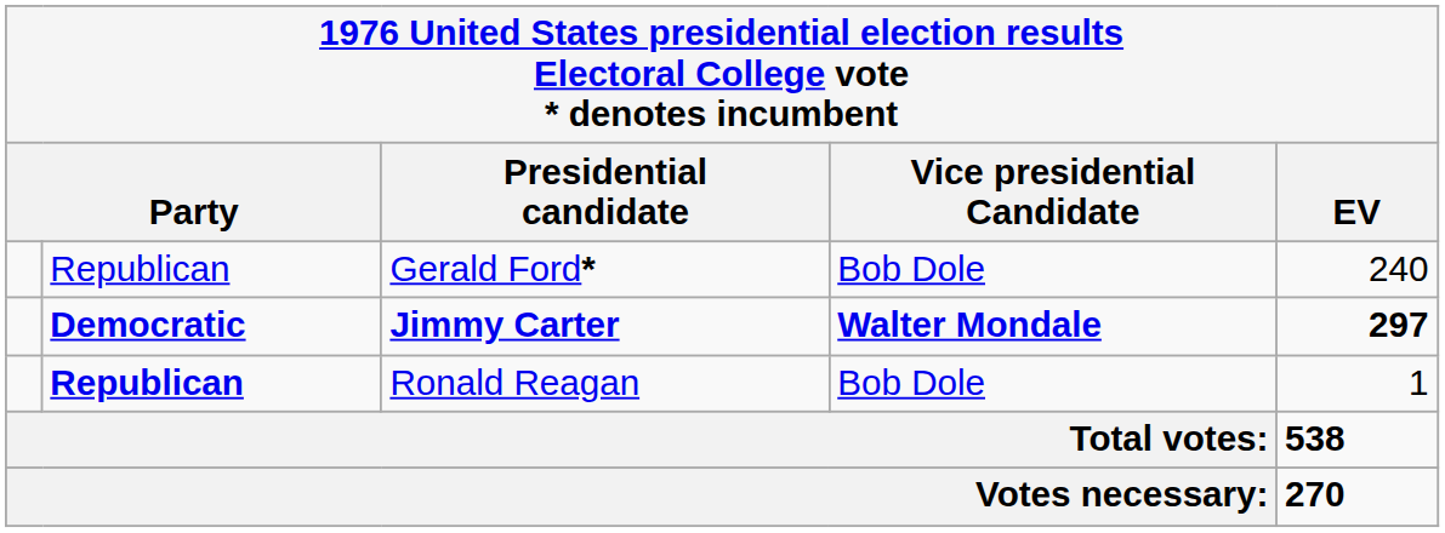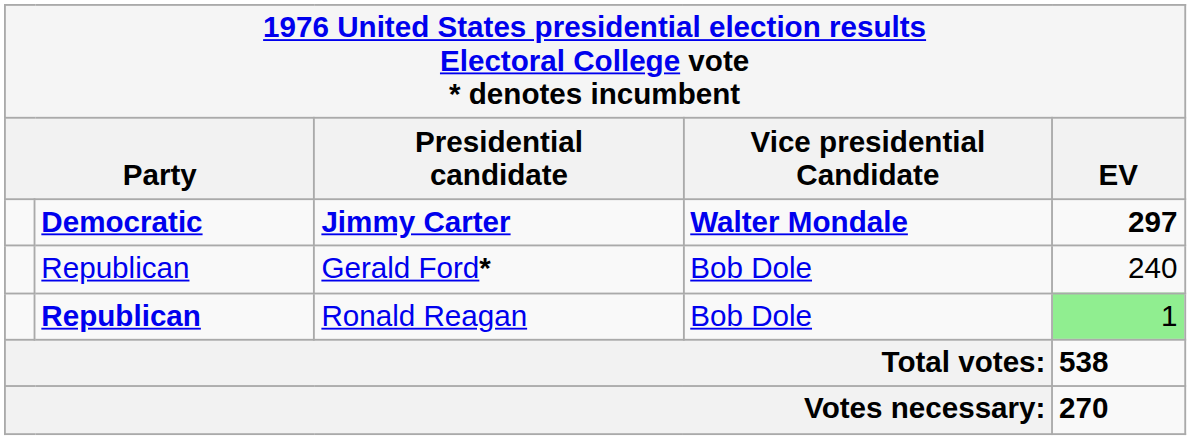 <table class="wikitable">
 <tr>
 <th colspan=5 style="background:#f5f5f5"><a href='#'>1976 United States presidential election results</a><br><a href='#'>Electoral College</a> vote<br>* denotes incumbent</th>
 </tr>
 <tr style="vertical-align:bottom;">
 <th style="width: 10em;" colspan=2>Party</th>
 <th>Presidential<br>candidate</th>
 <th>Vice presidential<br>Candidate</th>
 <th><abbr>EV</abbr></th>
 </tr>
 <tr>
 <td style="background-color: "></td>
+<td style="width: 9em;"><strong><a href='#'>Democratic</a></strong></td>
+<td style="width: 12em;"><strong><a href='#'>Jimmy Carter</a></strong></td>
+<td style="width: 12em;"><strong><a href='#'>Walter Mondale</a></strong></td>
+<td style="width: 4em; text-align:right"><strong>297</strong></td>
+</tr>
+<tr>
+<td style="background-color: "></td>
 <td><a href='#'>Republican</a></td>
 <td><a href='#'>Gerald Ford</a><strong>*</strong></td>
 <td><a href='#'>Bob Dole</a></td>
 <td style="text-align:right">240</td>
 </tr>
 <tr>
 <td style="background-color: "></td>
-<td style="width: 9em;"><strong><a href='#'>Democratic</a></strong></td>
-<td style="width: 12em;"><strong><a href='#'>Jimmy Carter</a></strong></td>
-<td style="width: 12em;"><strong><a href='#'>Walter Mondale</a></strong></td>
-<td style="width: 4em; text-align:right"><strong>297</strong></td>
-</tr>
-<tr>
-<td style="background-color: "></td>
 <td><strong><a href='#'>Republican</a></strong></td>
 <td><a href='#'>Ronald Reagan</a></td>
 <td><a href='#'>Bob Dole</a></td>
-<td style="text-align:right">1</td>
+<td style="background: lightgreen; text-align:right">1</td>
 </tr>
 <tr>
 <th colspan=4 style="text-align:right">Total votes:</th>
 <td><strong>538</strong></td>
 </tr>
 <tr>
 <th colspan=4 style="text-align:right">Votes necessary:</th>
 <td><strong>270</strong></td>
 </tr>
 </table>
